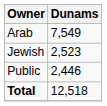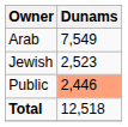 <table class="wikitable">
 <tr>
 <th>Owner</th>
 <th>Dunams</th>
 </tr>
 <tr>
 <td>Arab</td>
 <td>7,549</td>
 </tr>
 <tr>
 <td>Jewish</td>
 <td>2,523</td>
 </tr>
 <tr>
 <td>Public</td>
-<td>2,446</td>
+<td style="background: lightsalmon;">2,446</td>
 </tr>
 <tr>
 <td><strong>Total</strong></td>
 <td>12,518</td>
 </tr>
 <tr>
 </tr>
 </table>
